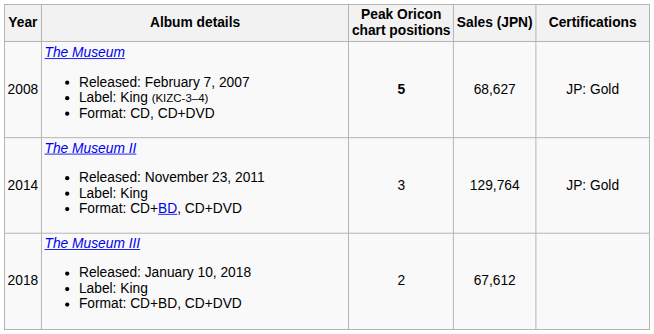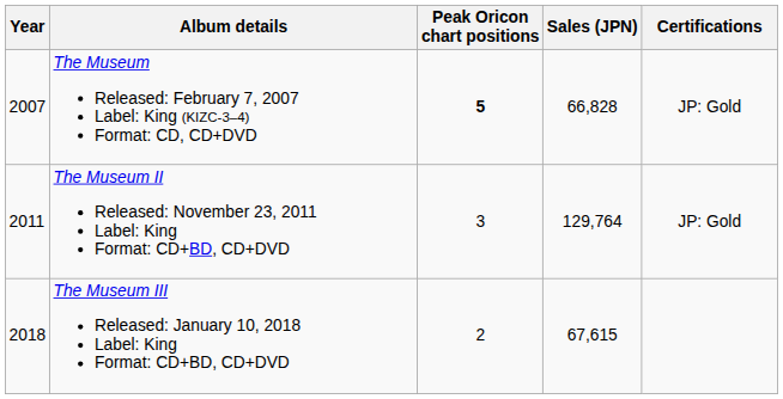 <table class="wikitable" border="1">
 <tr>
 <th rowspan="1">Year</th>
 <th rowspan="1" width="350">Album details</th>
 <th colspan="1">Peak Oricon<br> chart positions</th>
 <th colspan="1">Sales (JPN)</th>
 <th rowspan="1" width="125">Certifications</th>
 </tr>
 <tr>
-<td>2008</td>
+<td>2007</td>
 <td align="left"><em><a href='#'>The Museum</a></em><br><ul><li>Released: February 7, 2007</li><li>Label: King <small>(KIZC-3–4)</small></li><li>Format: CD, CD+DVD</li></ul></td>
 <td align="center"><strong>5</strong></td>
-<td align="center">68,627</td>
+<td align="center">66,828</td>
 <td align="center">JP: Gold</td>
 </tr>
 <tr>
-<td>2014</td>
+<td>2011</td>
 <td align="left"><em><a href='#'>The Museum II</a></em><br><ul><li>Released: November 23, 2011</li><li>Label: King</li><li>Format: CD+<a href='#'>BD</a>, CD+DVD</li></ul></td>
 <td align="center">3</td>
 <td align="center">129,764</td>
 <td align="center">JP: Gold</td>
 </tr>
 <tr>
 <td>2018</td>
 <td align="left"><em><a href='#'>The Museum III</a></em><br><ul><li>Released: January 10, 2018</li><li>Label: King</li><li>Format: CD+BD, CD+DVD</li></ul></td>
 <td align="center">2</td>
-<td align="center">67,612</td>
+<td align="center">67,615</td>
 <td align="center"></td>
 </tr>
 </table>
